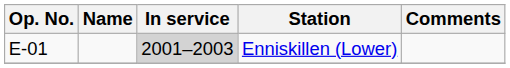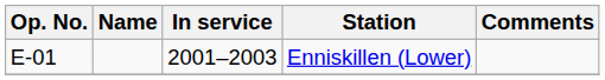 <table class="wikitable">
 <tr>
 <th>Op. No.</th>
 <th>Name</th>
 <th>In service</th>
 <th>Station</th>
 <th>Comments</th>
 </tr>
 <tr>
 <td>E-01</td>
 <td></td>
-<td style="background: lightgrey;">2001–2003</td>
+<td>2001–2003</td>
 <td><a href='#'>Enniskillen (Lower)</a></td>
 <td></td>
 </tr>
 <tr>
 </tr>
 </table>
